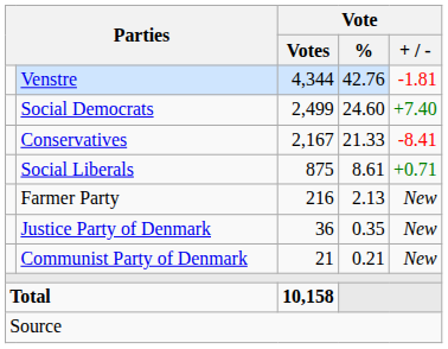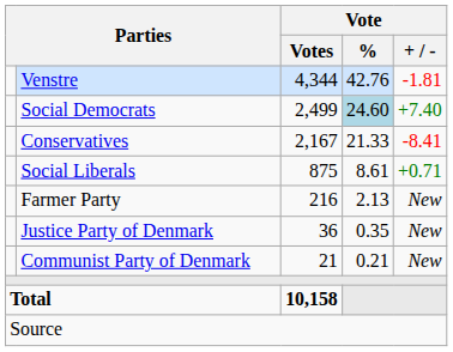 <table class="wikitable" style="text-align:right;">
 <tr>
 <th style="text-align:centre;" rowspan="2" colspan="2" width="225">Parties</th>
 <th colspan="3">Vote</th>
 </tr>
 <tr>
 <th width="15">Votes</th>
 <th width="15">%</th>
 <th width="15">+ / -</th>
 </tr>
 <tr>
 <td width="2" style="color:inherit;background:"></td>
 <td bgcolor=#cfe5fe  align="left"><a href='#'>Venstre</a></td>
 <td bgcolor=#cfe5fe>4,344</td>
 <td bgcolor=#cfe5fe>42.76</td>
 <td style=color:red;>-1.81</td>
 </tr>
 <tr>
 <td width="2" style="color:inherit;background:"></td>
 <td align="left"><a href='#'>Social Democrats</a></td>
 <td>2,499</td>
-<td>24.60</td>
+<td style="background: lightblue;">24.60</td>
 <td style=color:green;>+7.40</td>
 </tr>
 <tr>
 <td width="2" style="color:inherit;background:"></td>
 <td align="left"><a href='#'>Conservatives</a></td>
 <td>2,167</td>
 <td>21.33</td>
 <td style=color:red;>-8.41</td>
 </tr>
 <tr>
 <td width="2" style="color:inherit;background:"></td>
 <td align="left"><a href='#'>Social Liberals</a></td>
 <td>875</td>
 <td>8.61</td>
 <td style=color:green;>+0.71</td>
 </tr>
 <tr>
 <td width="2" style="color:inherit;background:"></td>
 <td align="left">Farmer Party</td>
 <td>216</td>
 <td>2.13</td>
 <td><em>New</em></td>
 </tr>
 <tr>
 <td width="2" style="color:inherit;background:"></td>
 <td align="left"><a href='#'>Justice Party of Denmark</a></td>
 <td>36</td>
 <td>0.35</td>
 <td><em>New</em></td>
 </tr>
 <tr>
 <td width="2" style="color:inherit;background:"></td>
 <td align="left"><a href='#'>Communist Party of Denmark</a></td>
 <td>21</td>
 <td>0.21</td>
 <td><em>New</em></td>
 </tr>
 <tr>
 <td colspan="7" bgcolor="#E9E9E9"></td>
 </tr>
 <tr>
 <td align="left" colspan="2"><strong>Total</strong></td>
 <td><strong>10,158</strong></td>
 <td bgcolor="#E9E9E9" colspan="2"></td>
 </tr>
 <tr>
 <td align="left" colspan="6">Source</td>
 </tr>
 </table>
